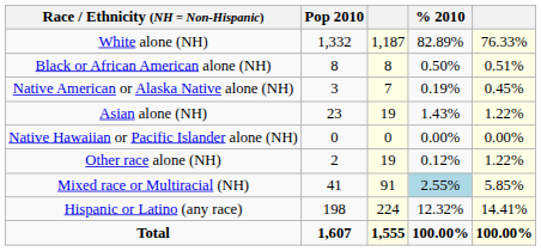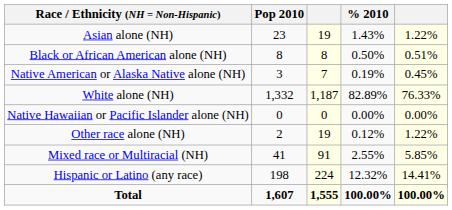 <table class="wikitable" style="text-align:center;">
 <tr>
 <th>Race / Ethnicity <small>(<em>NH = Non-Hispanic</em>)</small></th>
 <th>Pop 2010</th>
 <th></th>
 <th>% 2010</th>
 <th></th>
 </tr>
 <tr>
-<td><a href='#'>White</a> alone (NH)</td>
-<td>1,332</td>
-<td style='background: #ffffe6;'>1,187</td>
-<td>82.89%</td>
-<td style='background: #ffffe6;'>76.33%</td>
+<td><a href='#'>Asian</a> alone (NH)</td>
+<td>23</td>
+<td style='background: #ffffe6;'>19</td>
+<td>1.43%</td>
+<td style='background: #ffffe6;'>1.22%</td>
 </tr>
 <tr>
 <td><a href='#'>Black or African American</a> alone (NH)</td>
 <td>8</td>
 <td style='background: #ffffe6;'>8</td>
 <td>0.50%</td>
 <td style='background: #ffffe6;'>0.51%</td>
 </tr>
 <tr>
 <td><a href='#'>Native American</a> or <a href='#'>Alaska Native</a> alone (NH)</td>
 <td>3</td>
 <td style='background: #ffffe6;'>7</td>
 <td>0.19%</td>
 <td style='background: #ffffe6;'>0.45%</td>
 </tr>
 <tr>
-<td><a href='#'>Asian</a> alone (NH)</td>
-<td>23</td>
-<td style='background: #ffffe6;'>19</td>
-<td>1.43%</td>
-<td style='background: #ffffe6;'>1.22%</td>
+<td><a href='#'>White</a> alone (NH)</td>
+<td>1,332</td>
+<td style='background: #ffffe6;'>1,187</td>
+<td>82.89%</td>
+<td style='background: #ffffe6;'>76.33%</td>
 </tr>
 <tr>
 <td><a href='#'>Native Hawaiian</a> or <a href='#'>Pacific Islander</a> alone (NH)</td>
 <td>0</td>
 <td style='background: #ffffe6;'>0</td>
 <td>0.00%</td>
 <td style='background: #ffffe6;'>0.00%</td>
 </tr>
 <tr>
 <td><a href='#'>Other race</a> alone (NH)</td>
 <td>2</td>
 <td style='background: #ffffe6;'>19</td>
 <td>0.12%</td>
 <td style='background: #ffffe6;'>1.22%</td>
 </tr>
 <tr>
 <td><a href='#'>Mixed race or Multiracial</a> (NH)</td>
 <td>41</td>
 <td style='background: #ffffe6;'>91</td>
-<td style="background: lightblue;">2.55%</td>
+<td>2.55%</td>
 <td style='background: #ffffe6;'>5.85%</td>
 </tr>
 <tr>
 <td><a href='#'>Hispanic or Latino</a> (any race)</td>
 <td>198</td>
 <td style='background: #ffffe6;'>224</td>
 <td>12.32%</td>
 <td style='background: #ffffe6;'>14.41%</td>
 </tr>
 <tr>
 <td><strong>Total</strong></td>
 <td><strong>1,607</strong></td>
 <td style='background: #ffffe6;'><strong>1,555</strong></td>
 <td><strong>100.00%</strong></td>
 <td style='background: #ffffe6;'><strong>100.00%</strong></td>
 </tr>
 </table>
